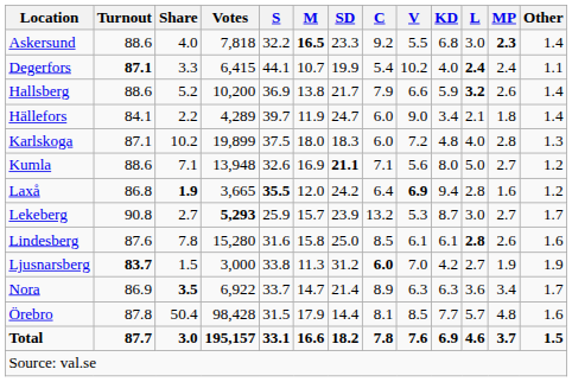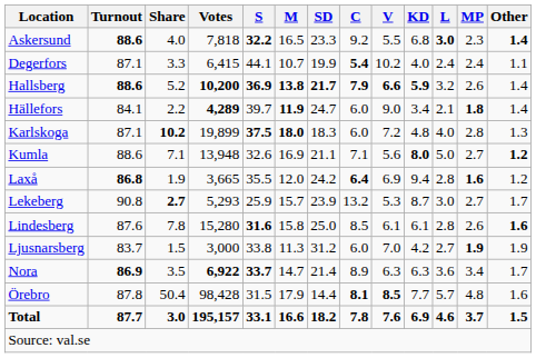 <table class="wikitable sortable" style=text-align:right>
 <tr>
 <th>Location</th>
 <th>Turnout</th>
 <th>Share</th>
 <th>Votes</th>
 <th><a href='#'>S</a></th>
 <th><a href='#'>M</a></th>
 <th><a href='#'>SD</a></th>
 <th><a href='#'>C</a></th>
 <th><a href='#'>V</a></th>
 <th><a href='#'>KD</a></th>
 <th><a href='#'>L</a></th>
 <th><a href='#'>MP</a></th>
 <th>Other</th>
 </tr>
 <tr>
 <td align=left><a href='#'>Askersund</a></td>
-<td>88.6</td>
+<td><strong>88.6</strong></td>
 <td>4.0</td>
 <td>7,818</td>
-<td>32.2</td>
-<td><strong>16.5</strong></td>
+<td><strong>32.2</strong></td>
+<td>16.5</td>
 <td>23.3</td>
 <td>9.2</td>
 <td>5.5</td>
 <td>6.8</td>
-<td>3.0</td>
-<td><strong>2.3</strong></td>
-<td>1.4</td>
+<td><strong>3.0</strong></td>
+<td>2.3</td>
+<td><strong>1.4</strong></td>
 </tr>
 <tr>
 <td align=left><a href='#'>Degerfors</a></td>
-<td><strong>87.1</strong></td>
+<td>87.1</td>
 <td>3.3</td>
 <td>6,415</td>
 <td>44.1</td>
 <td>10.7</td>
 <td>19.9</td>
-<td>5.4</td>
+<td><strong>5.4</strong></td>
 <td>10.2</td>
 <td>4.0</td>
-<td><strong>2.4</strong></td>
+<td>2.4</td>
 <td>2.4</td>
 <td>1.1</td>
 </tr>
 <tr>
 <td align=left><a href='#'>Hallsberg</a></td>
-<td>88.6</td>
+<td><strong>88.6</strong></td>
 <td>5.2</td>
-<td>10,200</td>
-<td>36.9</td>
-<td>13.8</td>
-<td>21.7</td>
-<td>7.9</td>
-<td>6.6</td>
-<td>5.9</td>
-<td><strong>3.2</strong></td>
+<td><strong>10,200</strong></td>
+<td><strong>36.9</strong></td>
+<td><strong>13.8</strong></td>
+<td><strong>21.7</strong></td>
+<td><strong>7.9</strong></td>
+<td><strong>6.6</strong></td>
+<td><strong>5.9</strong></td>
+<td>3.2</td>
 <td>2.6</td>
 <td>1.4</td>
 </tr>
 <tr>
 <td align=left><a href='#'>Hällefors</a></td>
 <td>84.1</td>
 <td>2.2</td>
-<td>4,289</td>
+<td><strong>4,289</strong></td>
 <td>39.7</td>
-<td>11.9</td>
+<td><strong>11.9</strong></td>
 <td>24.7</td>
 <td>6.0</td>
 <td>9.0</td>
 <td>3.4</td>
 <td>2.1</td>
-<td>1.8</td>
+<td><strong>1.8</strong></td>
 <td>1.4</td>
 </tr>
 <tr>
 <td align=left><a href='#'>Karlskoga</a></td>
 <td>87.1</td>
-<td>10.2</td>
+<td><strong>10.2</strong></td>
 <td>19,899</td>
-<td>37.5</td>
-<td>18.0</td>
+<td><strong>37.5</strong></td>
+<td><strong>18.0</strong></td>
 <td>18.3</td>
 <td>6.0</td>
 <td>7.2</td>
 <td>4.8</td>
 <td>4.0</td>
 <td>2.8</td>
 <td>1.3</td>
 </tr>
 <tr>
 <td align=left><a href='#'>Kumla</a></td>
 <td>88.6</td>
 <td>7.1</td>
 <td>13,948</td>
 <td>32.6</td>
 <td>16.9</td>
-<td><strong>21.1</strong></td>
+<td>21.1</td>
 <td>7.1</td>
 <td>5.6</td>
-<td>8.0</td>
+<td><strong>8.0</strong></td>
 <td>5.0</td>
 <td>2.7</td>
-<td>1.2</td>
+<td><strong>1.2</strong></td>
 </tr>
 <tr>
 <td align=left><a href='#'>Laxå</a></td>
-<td>86.8</td>
-<td><strong>1.9</strong></td>
+<td><strong>86.8</strong></td>
+<td>1.9</td>
 <td>3,665</td>
-<td><strong>35.5</strong></td>
+<td>35.5</td>
 <td>12.0</td>
 <td>24.2</td>
-<td>6.4</td>
-<td><strong>6.9</strong></td>
+<td><strong>6.4</strong></td>
+<td>6.9</td>
 <td>9.4</td>
 <td>2.8</td>
-<td>1.6</td>
+<td><strong>1.6</strong></td>
 <td>1.2</td>
 </tr>
 <tr>
 <td align=left><a href='#'>Lekeberg</a></td>
 <td>90.8</td>
-<td>2.7</td>
-<td><strong>5,293</strong></td>
+<td><strong>2.7</strong></td>
+<td>5,293</td>
 <td>25.9</td>
 <td>15.7</td>
 <td>23.9</td>
 <td>13.2</td>
 <td>5.3</td>
 <td>8.7</td>
 <td>3.0</td>
 <td>2.7</td>
 <td>1.7</td>
 </tr>
 <tr>
 <td align=left><a href='#'>Lindesberg</a></td>
 <td>87.6</td>
 <td>7.8</td>
 <td>15,280</td>
-<td>31.6</td>
+<td><strong>31.6</strong></td>
 <td>15.8</td>
 <td>25.0</td>
 <td>8.5</td>
 <td>6.1</td>
 <td>6.1</td>
-<td><strong>2.8</strong></td>
+<td>2.8</td>
 <td>2.6</td>
-<td>1.6</td>
+<td><strong>1.6</strong></td>
 </tr>
 <tr>
 <td align=left><a href='#'>Ljusnarsberg</a></td>
-<td><strong>83.7</strong></td>
+<td>83.7</td>
 <td>1.5</td>
 <td>3,000</td>
 <td>33.8</td>
 <td>11.3</td>
 <td>31.2</td>
-<td><strong>6.0</strong></td>
+<td>6.0</td>
 <td>7.0</td>
 <td>4.2</td>
 <td>2.7</td>
-<td>1.9</td>
+<td><strong>1.9</strong></td>
 <td>1.9</td>
 </tr>
 <tr>
 <td align=left><a href='#'>Nora</a></td>
-<td>86.9</td>
-<td><strong>3.5</strong></td>
-<td>6,922</td>
-<td>33.7</td>
+<td><strong>86.9</strong></td>
+<td>3.5</td>
+<td><strong>6,922</strong></td>
+<td><strong>33.7</strong></td>
 <td>14.7</td>
 <td>21.4</td>
 <td>8.9</td>
 <td>6.3</td>
 <td>6.3</td>
 <td>3.6</td>
 <td>3.4</td>
 <td>1.7</td>
 </tr>
 <tr>
 <td align=left><a href='#'>Örebro</a></td>
 <td>87.8</td>
 <td>50.4</td>
 <td>98,428</td>
 <td>31.5</td>
 <td>17.9</td>
 <td>14.4</td>
-<td>8.1</td>
-<td>8.5</td>
+<td><strong>8.1</strong></td>
+<td><strong>8.5</strong></td>
 <td>7.7</td>
 <td>5.7</td>
 <td>4.8</td>
 <td>1.6</td>
 </tr>
 <tr>
 <td align=left><strong>Total</strong></td>
 <td><strong>87.7</strong></td>
 <td><strong>3.0</strong></td>
 <td><strong>195,157</strong></td>
 <td><strong>33.1</strong></td>
 <td><strong>16.6</strong></td>
 <td><strong>18.2</strong></td>
 <td><strong>7.8</strong></td>
 <td><strong>7.6</strong></td>
 <td><strong>6.9</strong></td>
 <td><strong>4.6</strong></td>
 <td><strong>3.7</strong></td>
 <td><strong>1.5</strong></td>
 </tr>
 <tr>
 <td align=left colspan=13>Source: val.se</td>
 </tr>
 </table>
